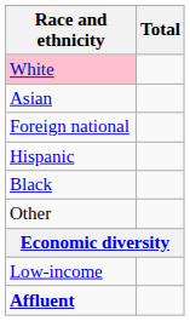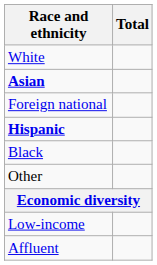 <table class="wikitable floatright sortable collapsible"; text-align:right; font-size:80%;" style="width: 10%;">
 <tr>
 <th>Race and ethnicity</th>
 <th colspan="2" data-sort-type=number>Total</th>
 </tr>
 <tr>
-<td style="background: pink;"><a href='#'>White</a></td>
+<td><a href='#'>White</a></td>
 <td align=right></td>
 </tr>
 <tr>
-<td><a href='#'>Asian</a></td>
+<td><strong><a href='#'>Asian</a></strong></td>
 <td align=right></td>
 </tr>
 <tr>
 <td><a href='#'>Foreign national</a></td>
 <td align=right></td>
 </tr>
 <tr>
-<td><a href='#'>Hispanic</a></td>
+<td><strong><a href='#'>Hispanic</a></strong></td>
 <td align=right></td>
 </tr>
 <tr>
 <td><a href='#'>Black</a></td>
 <td align=right></td>
 </tr>
 <tr>
 <td>Other</td>
 <td align=right></td>
 </tr>
 <tr>
 <th colspan="4" data-sort-type=number><a href='#'>Economic diversity</a></th>
 </tr>
 <tr>
 <td><a href='#'>Low-income</a></td>
 <td align=right></td>
 </tr>
 <tr>
-<td><strong><a href='#'>Affluent</a></strong></td>
+<td><a href='#'>Affluent</a></td>
 <td align=right></td>
 </tr>
 </table>
